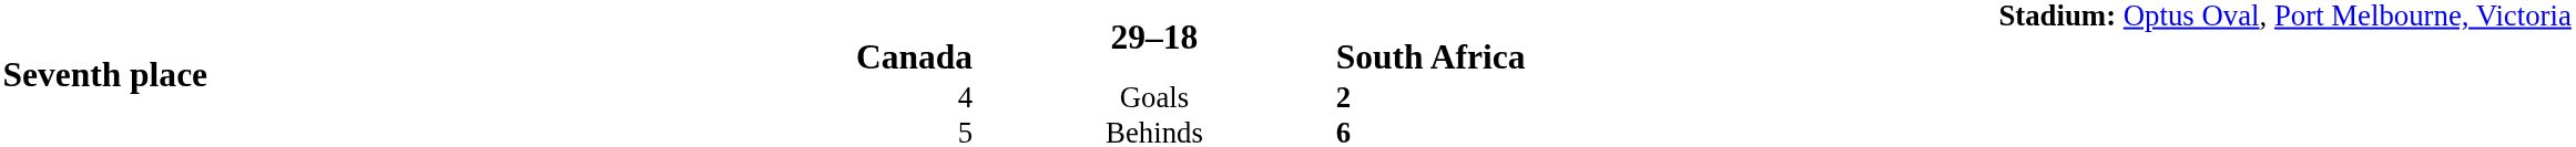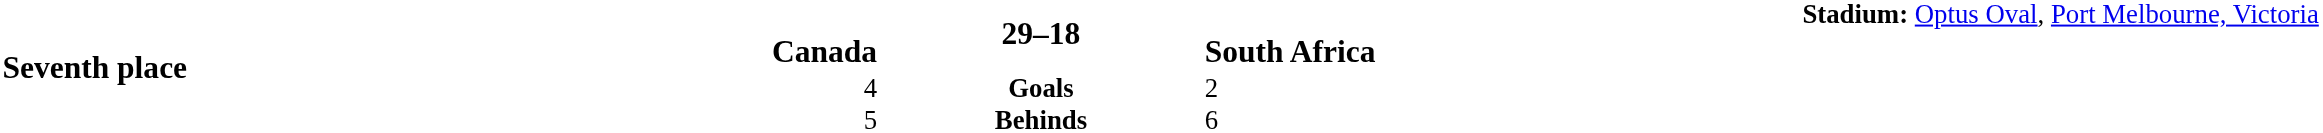 <table style="width: 100%; background: transparent;" cellspacing="0">
 <tr>
 <td align=center valign=center rowspan=3 width=15%><strong>Seventh place</strong></td>
 </tr>
 <tr>
 <td width=24% align=right><br><strong>Canada</strong></td>
 <td align=center width=13%><strong>29–18</strong></td>
 <td width=24%><br><strong>South Africa</strong></td>
 <td style=font-size:85% rowspan=2 valign=top><strong>Stadium:</strong> <a href='#'>Optus Oval</a>, <a href='#'>Port Melbourne, Victoria</a></td>
 </tr>
 <tr style=font-size:85%>
 <td align=right valign=top>4<br> 5</td>
-<td align=center valign=top>Goals <br>Behinds</td>
-<td valign=top><strong>2<br> 6</strong></td>
+<td align=center valign=top><strong>Goals <br>Behinds</strong></td>
+<td valign=top>2<br> 6</td>
 </tr>
 </table>
